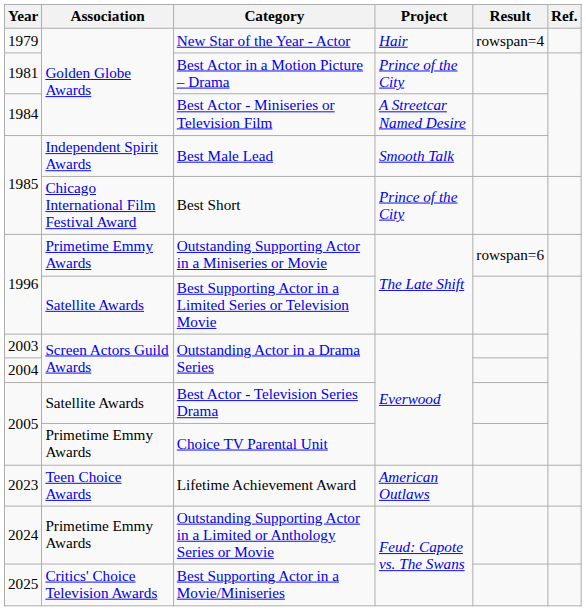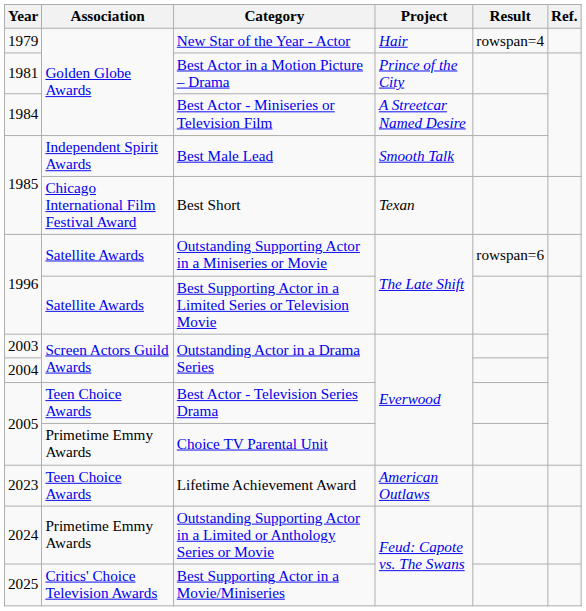 <table class="wikitable sortable">
 <tr>
 <th scope="col">Year</th>
 <th scope="col">Association</th>
 <th scope="col">Category</th>
 <th scope="col">Project</th>
 <th scope="col">Result</th>
 <th scope="col" class="unsortable">Ref.</th>
 </tr>
 <tr>
 <td>1979</td>
 <td rowspan=3><a href='#'>Golden Globe Awards</a></td>
 <td><a href='#'>New Star of the Year - Actor</a></td>
 <td><em><a href='#'>Hair</a></em></td>
 <td>rowspan=4 </td>
 <td></td>
 </tr>
 <tr>
 <td>1981</td>
 <td><a href='#'>Best Actor in a Motion Picture –  Drama</a></td>
 <td><em><a href='#'>Prince of the City</a></em></td>
 <td></td>
 </tr>
 <tr>
 <td>1984</td>
 <td><a href='#'>Best Actor - Miniseries or Television Film</a></td>
 <td><a href='#'><em>A Streetcar Named Desire</em></a></td>
 <td></td>
 </tr>
 <tr>
 <td rowspan=2>1985</td>
 <td><a href='#'>Independent Spirit Awards</a></td>
 <td><a href='#'>Best Male Lead</a></td>
 <td><em><a href='#'>Smooth Talk</a></em></td>
 <td></td>
 </tr>
 <tr>
 <td><a href='#'>Chicago International Film Festival Award</a></td>
 <td>Best Short</td>
-<td><em><a href='#'>Prince of the City</a></em></td>
+<td><em>Texan</em></td>
 <td></td>
 <td></td>
 </tr>
 <tr>
 <td rowspan=2>1996</td>
-<td><a href='#'>Primetime Emmy Awards</a></td>
+<td><a href='#'>Satellite Awards</a></td>
 <td><a href='#'>Outstanding Supporting Actor in a Miniseries or Movie</a></td>
 <td rowspan=2><em><a href='#'>The Late Shift</a></em></td>
 <td>rowspan=6 </td>
 <td></td>
 </tr>
 <tr>
 <td><a href='#'>Satellite Awards</a></td>
 <td><a href='#'>Best Supporting Actor in a Limited Series or Television Movie</a></td>
 <td></td>
 </tr>
 <tr>
 <td>2003</td>
 <td rowspan=2><a href='#'>Screen Actors Guild Awards</a></td>
 <td rowspan=2><a href='#'>Outstanding Actor in a Drama Series</a></td>
 <td rowspan=4><em><a href='#'>Everwood</a></em></td>
 <td></td>
 </tr>
 <tr>
 <td>2004</td>
 <td></td>
 </tr>
 <tr>
 <td rowspan=2>2005</td>
-<td>Satellite Awards</td>
+<td><a href='#'>Teen Choice Awards</a></td>
 <td><a href='#'>Best Actor - Television Series Drama</a></td>
 <td></td>
 </tr>
 <tr>
 <td>Primetime Emmy Awards</td>
 <td><a href='#'>Choice TV Parental Unit</a></td>
 <td></td>
 </tr>
 <tr>
 <td>2023</td>
 <td><a href='#'>Teen Choice Awards</a></td>
 <td>Lifetime Achievement Award</td>
 <td><em><a href='#'>American Outlaws</a></em></td>
 <td></td>
 <td></td>
 </tr>
 <tr>
 <td>2024</td>
 <td>Primetime Emmy Awards</td>
 <td><a href='#'>Outstanding Supporting Actor in a Limited or Anthology Series or Movie</a></td>
 <td rowspan="2"><em><a href='#'>Feud: Capote vs. The Swans</a></em></td>
 <td></td>
 <td></td>
 </tr>
 <tr>
 <td>2025</td>
 <td><a href='#'>Critics' Choice Television Awards</a></td>
 <td><a href='#'>Best Supporting Actor in a Movie/Miniseries</a></td>
 <td></td>
 <td></td>
 </tr>
 </table>
